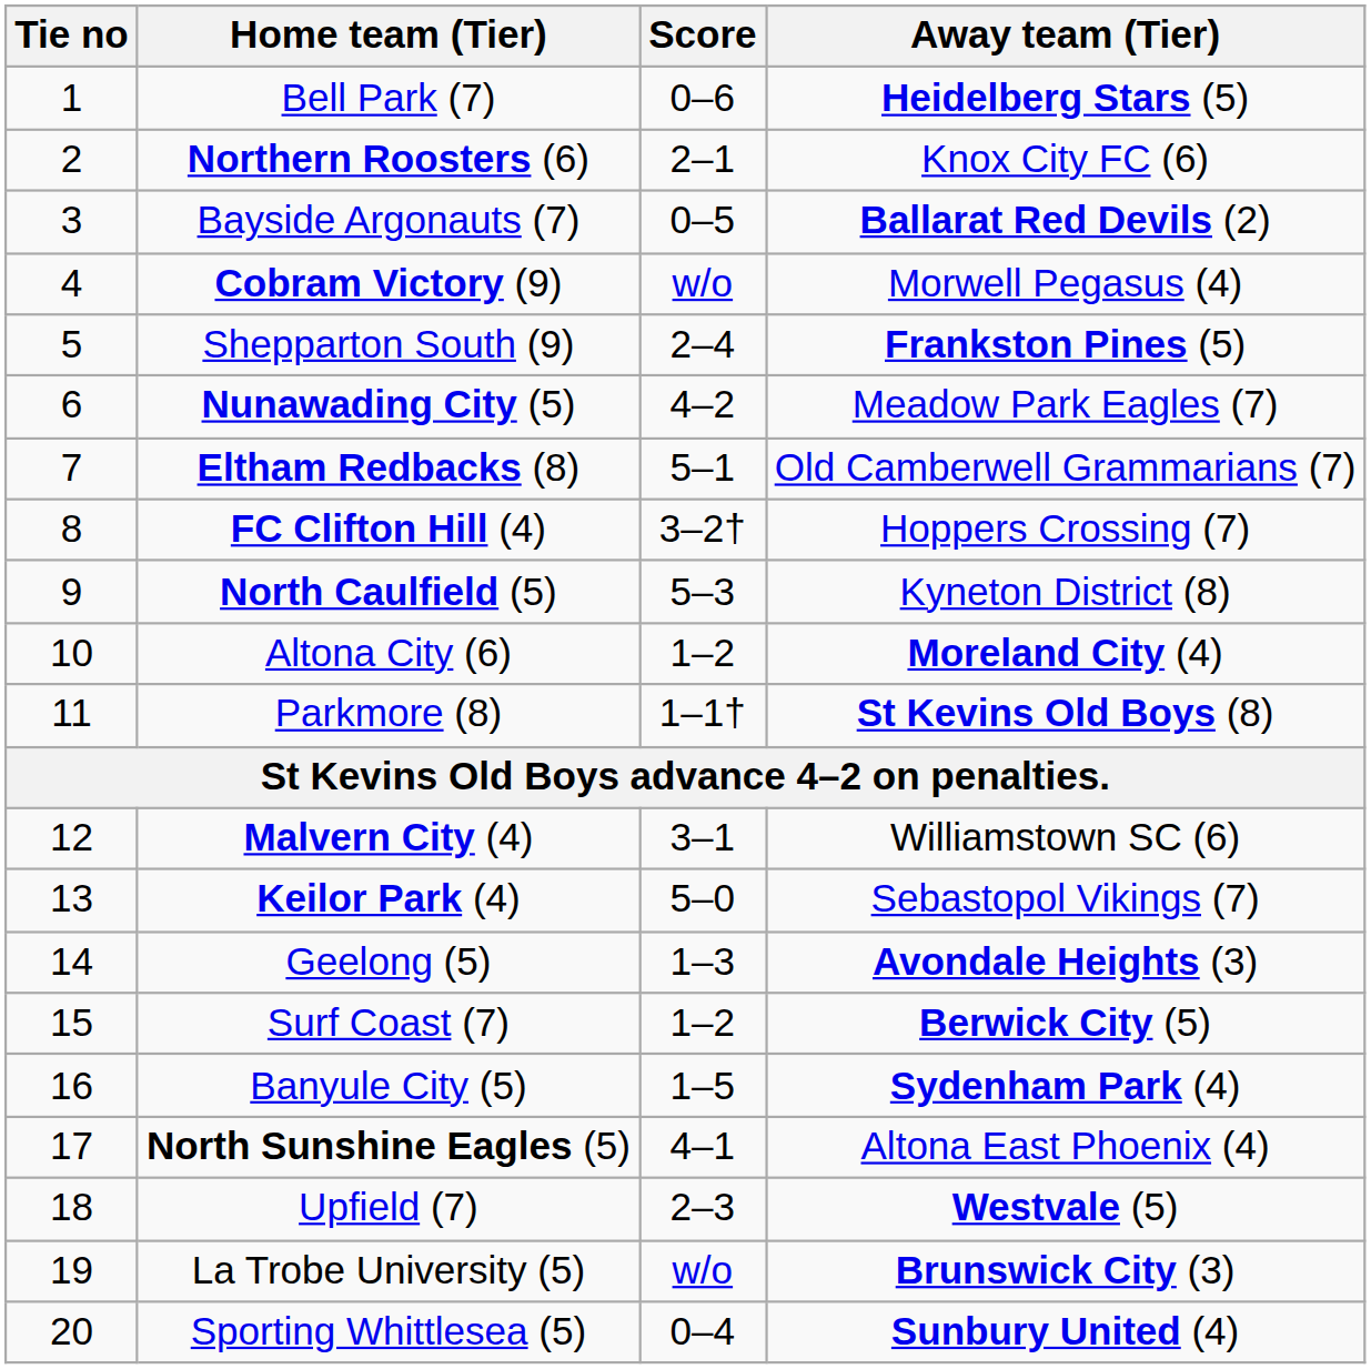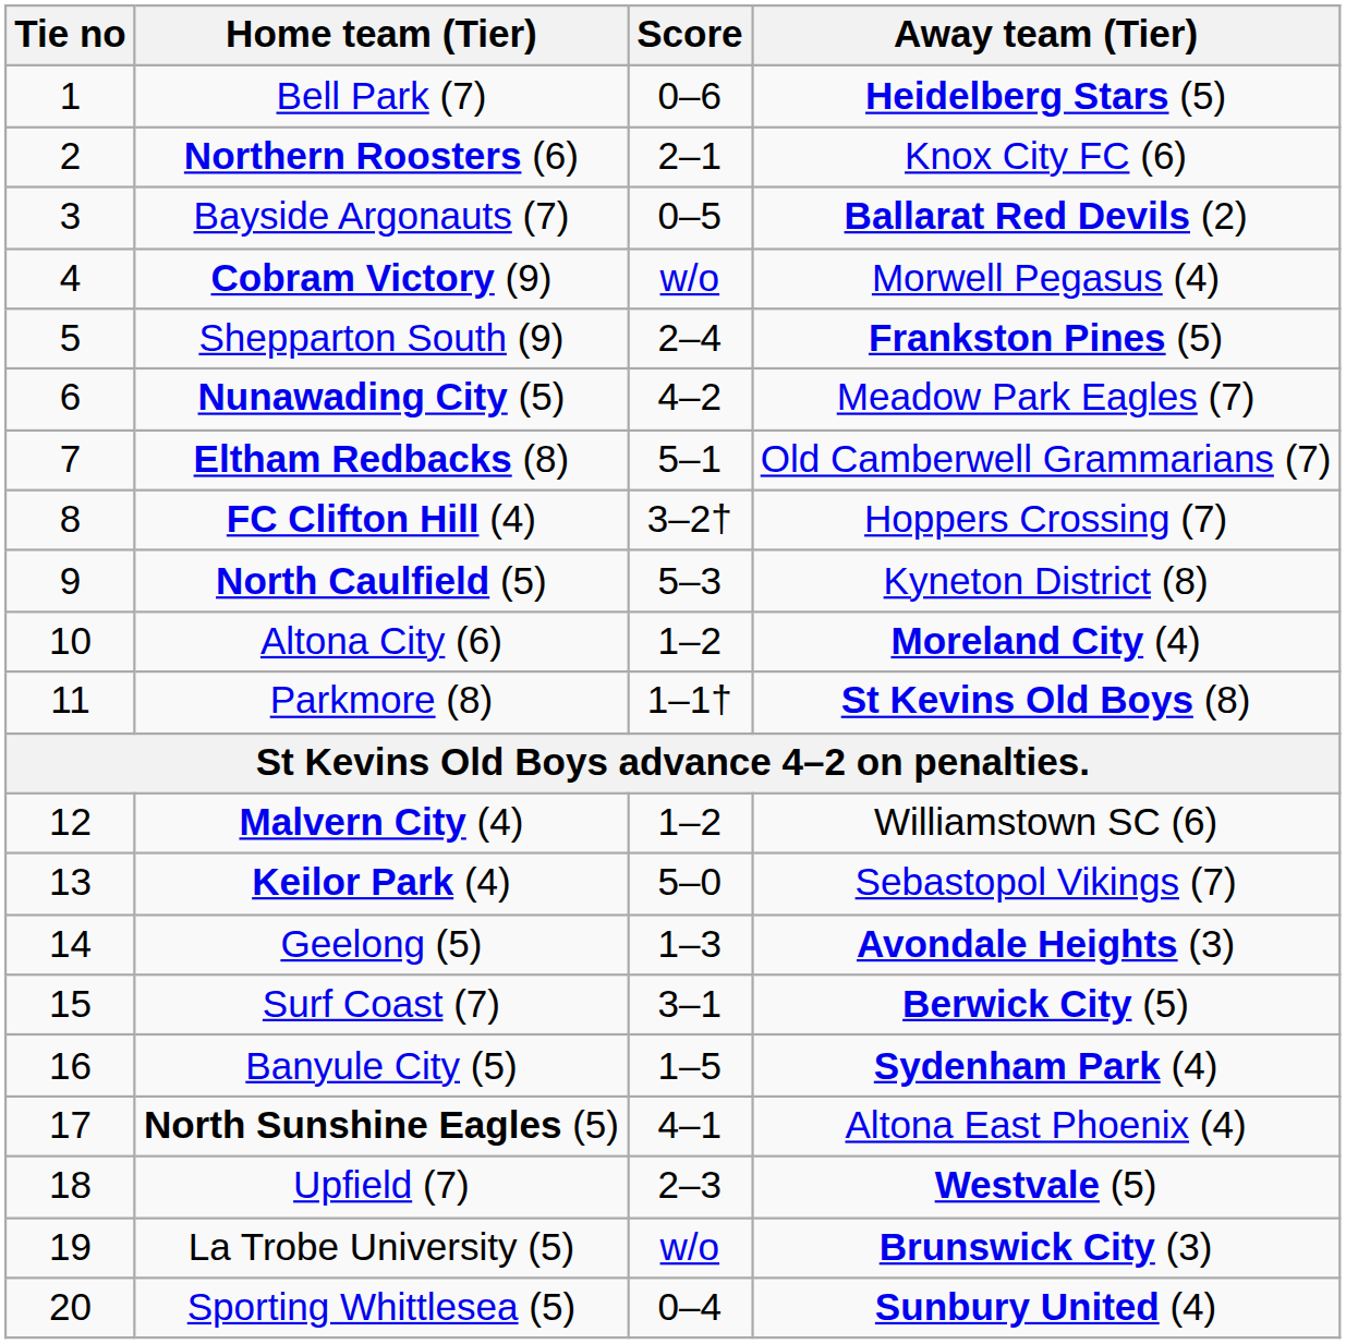 <table class="wikitable" style="text-align:center">
 <tr>
 <th>Tie no</th>
 <th>Home team (Tier)</th>
 <th>Score</th>
 <th>Away team (Tier)</th>
 </tr>
 <tr>
 <td>1</td>
 <td><a href='#'>Bell Park</a> (7)</td>
 <td>0–6</td>
 <td><strong><a href='#'>Heidelberg Stars</a></strong> (5)</td>
 </tr>
 <tr>
 <td>2</td>
 <td><strong><a href='#'>Northern Roosters</a></strong> (6)</td>
 <td>2–1</td>
 <td><a href='#'>Knox City FC</a> (6)</td>
 </tr>
 <tr>
 <td>3</td>
 <td><a href='#'>Bayside Argonauts</a> (7)</td>
 <td>0–5</td>
 <td><strong><a href='#'>Ballarat Red Devils</a></strong> (2)</td>
 </tr>
 <tr>
 <td>4</td>
 <td><strong><a href='#'>Cobram Victory</a></strong> (9)</td>
 <td><a href='#'>w/o</a></td>
 <td><a href='#'>Morwell Pegasus</a> (4)</td>
 </tr>
 <tr>
 <td>5</td>
 <td><a href='#'>Shepparton South</a> (9)</td>
 <td>2–4</td>
 <td><strong><a href='#'>Frankston Pines</a></strong> (5)</td>
 </tr>
 <tr>
 <td>6</td>
 <td><strong><a href='#'>Nunawading City</a></strong> (5)</td>
 <td>4–2</td>
 <td><a href='#'>Meadow Park Eagles</a> (7)</td>
 </tr>
 <tr>
 <td>7</td>
 <td><strong><a href='#'>Eltham Redbacks</a></strong> (8)</td>
 <td>5–1</td>
 <td><a href='#'>Old Camberwell Grammarians</a> (7)</td>
 </tr>
 <tr>
 <td>8</td>
 <td><strong><a href='#'>FC Clifton Hill</a></strong> (4)</td>
 <td>3–2†</td>
 <td><a href='#'>Hoppers Crossing</a> (7)</td>
 </tr>
 <tr>
 <td>9</td>
 <td><strong><a href='#'>North Caulfield</a></strong> (5)</td>
 <td>5–3</td>
 <td><a href='#'>Kyneton District</a> (8)</td>
 </tr>
 <tr>
 <td>10</td>
 <td><a href='#'>Altona City</a> (6)</td>
 <td>1–2</td>
 <td><strong><a href='#'>Moreland City</a></strong> (4)</td>
 </tr>
 <tr>
 <td>11</td>
 <td><a href='#'>Parkmore</a> (8)</td>
 <td>1–1†</td>
 <td><strong><a href='#'>St Kevins Old Boys</a></strong> (8)</td>
 </tr>
 <tr>
 <th colspan=4>St Kevins Old Boys advance 4–2 on penalties.</th>
 </tr>
 <tr>
 <td>12</td>
 <td><strong><a href='#'>Malvern City</a></strong> (4)</td>
-<td>3–1</td>
+<td>1–2</td>
 <td>Williamstown SC (6)</td>
 </tr>
 <tr>
 <td>13</td>
 <td><strong><a href='#'>Keilor Park</a></strong> (4)</td>
 <td>5–0</td>
 <td><a href='#'>Sebastopol Vikings</a> (7)</td>
 </tr>
 <tr>
 <td>14</td>
 <td><a href='#'>Geelong</a> (5)</td>
 <td>1–3</td>
 <td><strong><a href='#'>Avondale Heights</a></strong> (3)</td>
 </tr>
 <tr>
 <td>15</td>
 <td><a href='#'>Surf Coast</a> (7)</td>
-<td>1–2</td>
+<td>3–1</td>
 <td><strong><a href='#'>Berwick City</a></strong> (5)</td>
 </tr>
 <tr>
 <td>16</td>
 <td><a href='#'>Banyule City</a> (5)</td>
 <td>1–5</td>
 <td><strong><a href='#'>Sydenham Park</a></strong> (4)</td>
 </tr>
 <tr>
 <td>17</td>
 <td><strong>North Sunshine Eagles</strong> (5)</td>
 <td>4–1</td>
 <td><a href='#'>Altona East Phoenix</a> (4)</td>
 </tr>
 <tr>
 <td>18</td>
 <td><a href='#'>Upfield</a> (7)</td>
 <td>2–3</td>
 <td><strong><a href='#'>Westvale</a></strong> (5)</td>
 </tr>
 <tr>
 <td>19</td>
 <td>La Trobe University (5)</td>
 <td><a href='#'>w/o</a></td>
 <td><strong><a href='#'>Brunswick City</a></strong> (3)</td>
 </tr>
 <tr>
 <td>20</td>
 <td><a href='#'>Sporting Whittlesea</a> (5)</td>
 <td>0–4</td>
 <td><strong><a href='#'>Sunbury United</a></strong> (4)</td>
 </tr>
 </table>
